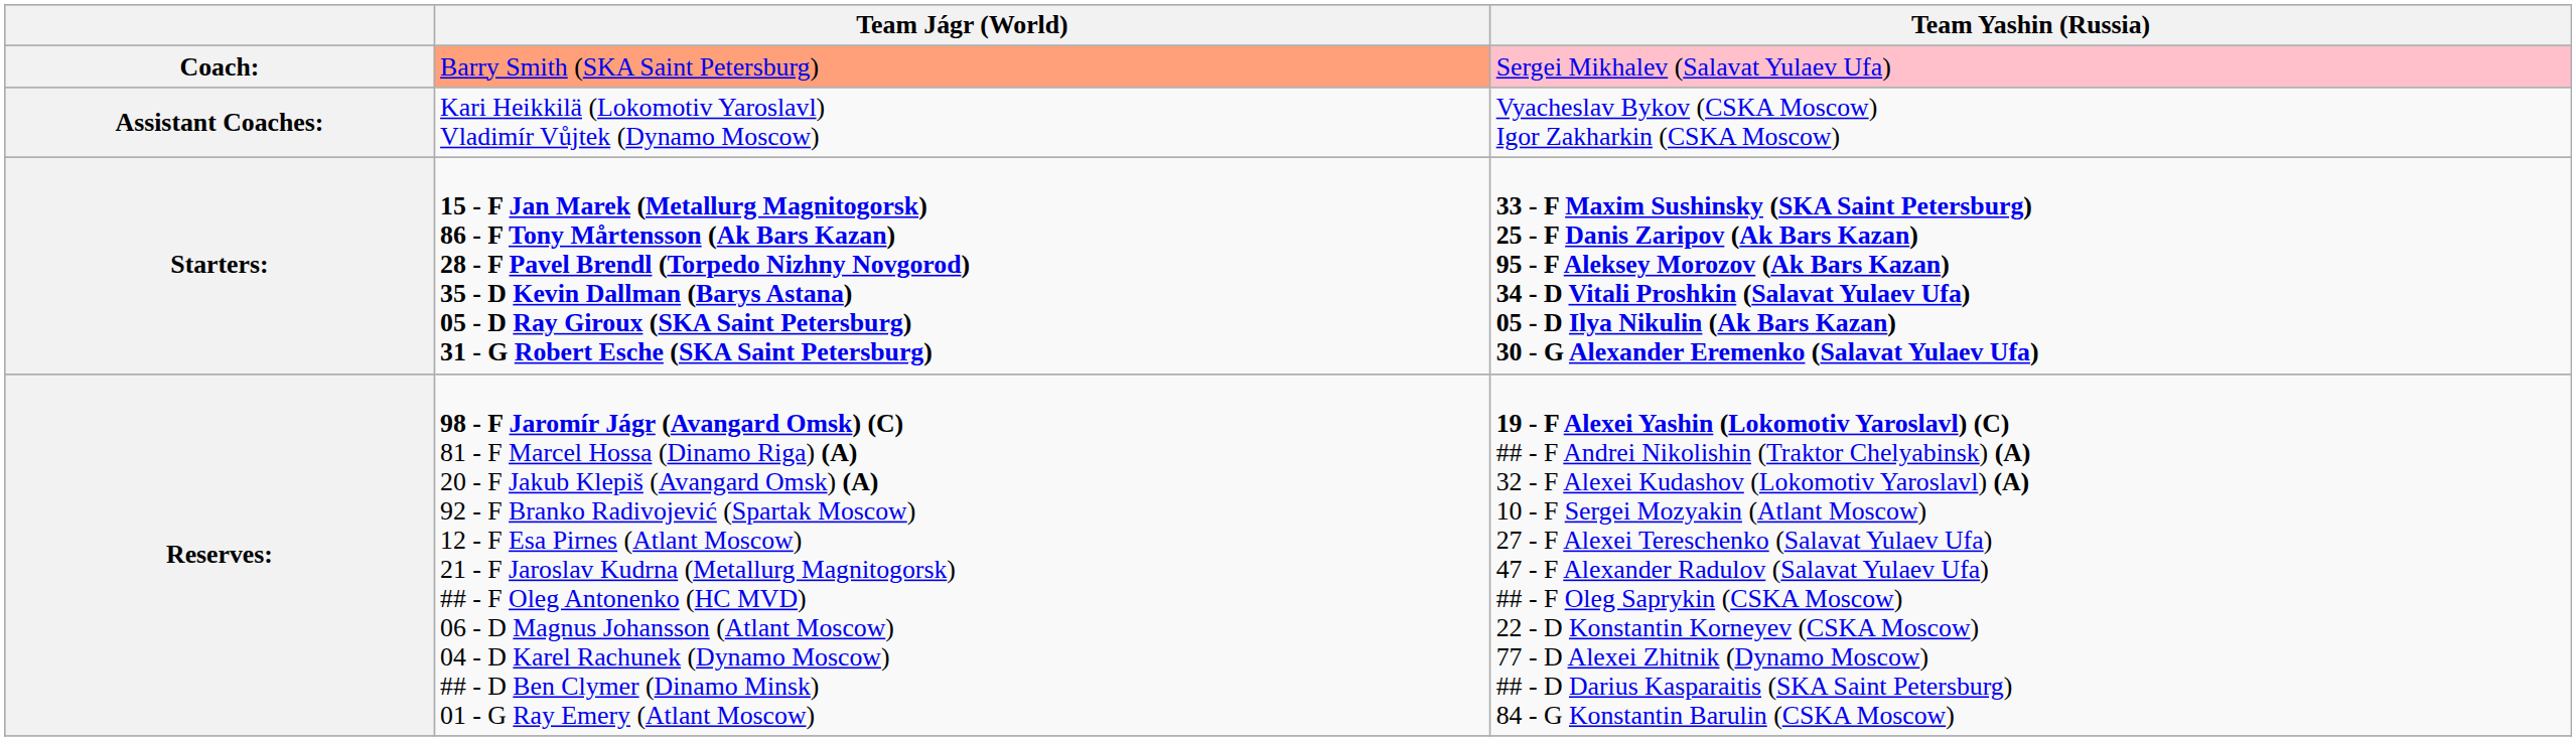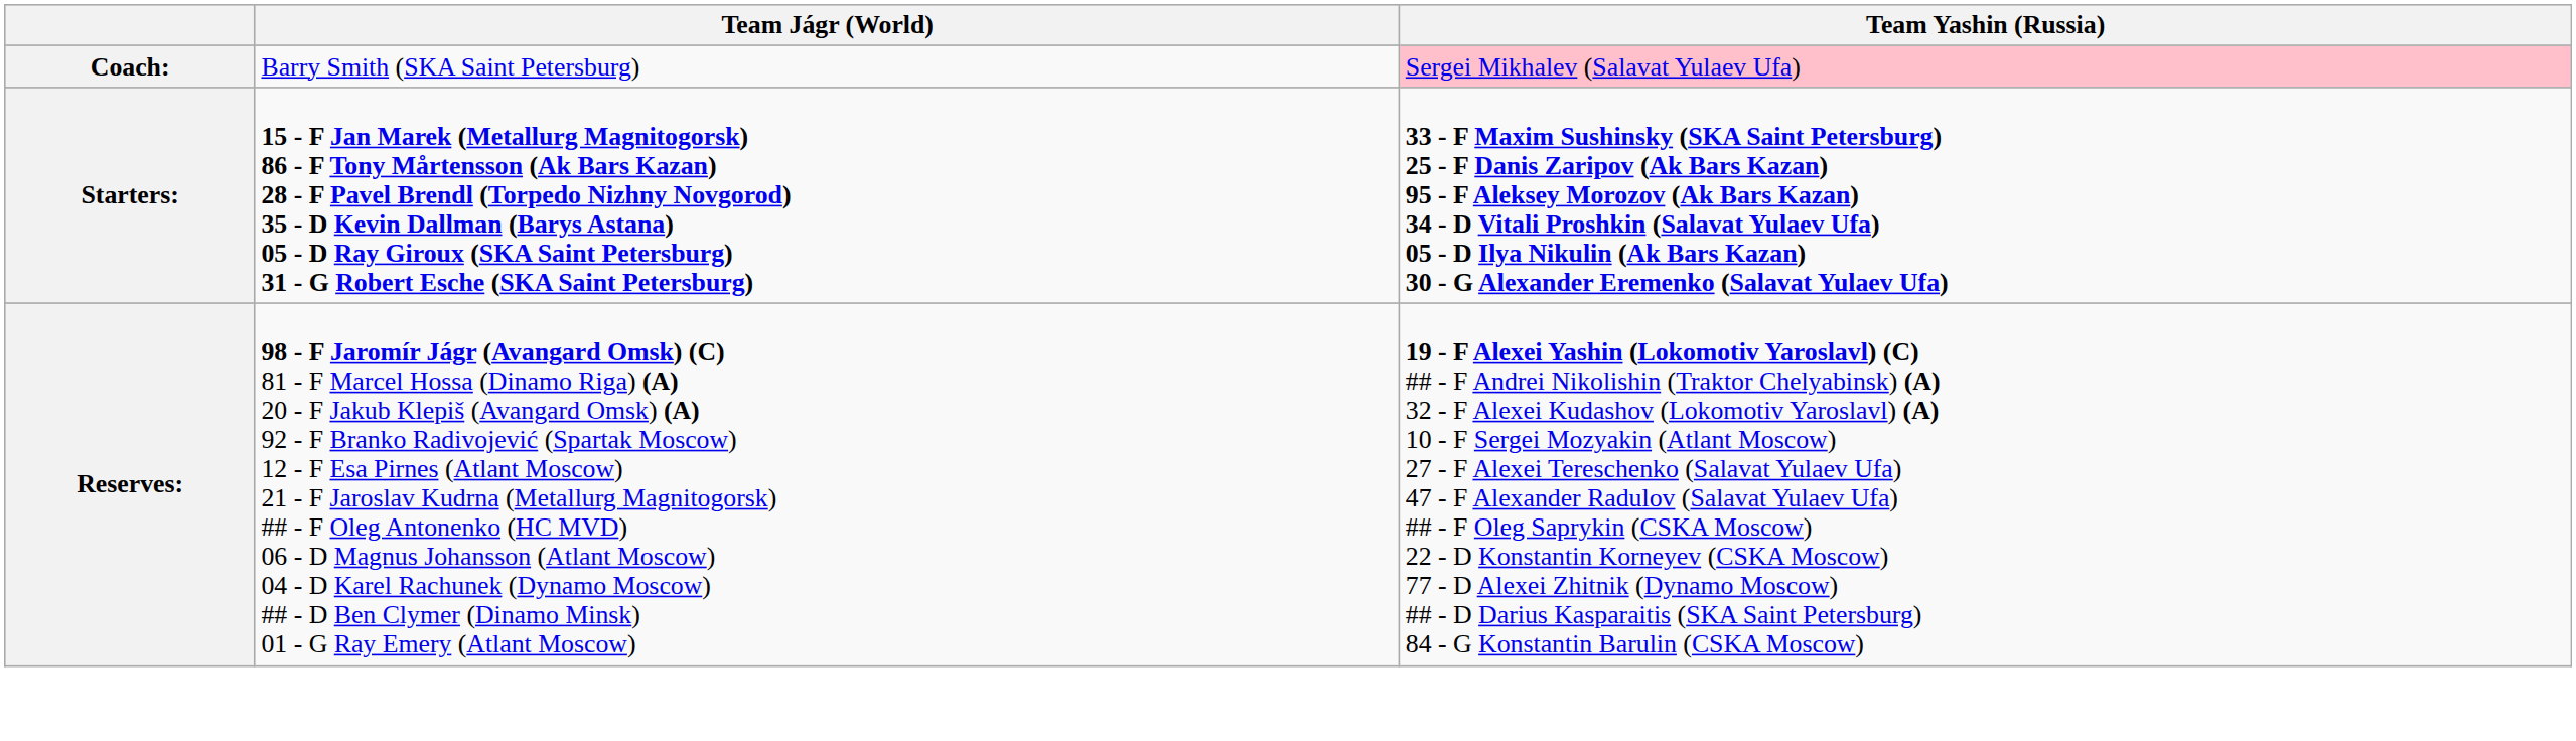 <table class="wikitable" style="width:100%">
 <tr>
 <th></th>
 <th>Team Jágr (World)</th>
 <th>Team Yashin (Russia)</th>
 </tr>
 <tr>
 <th>Coach:</th>
-<td style="background: lightsalmon;"> <a href='#'>Barry Smith</a> (<a href='#'>SKA Saint Petersburg</a>)</td>
+<td> <a href='#'>Barry Smith</a> (<a href='#'>SKA Saint Petersburg</a>)</td>
 <td style="background: pink;"> <a href='#'>Sergei Mikhalev</a> (<a href='#'>Salavat Yulaev Ufa</a>)</td>
-</tr>
-<tr>
-<th>Assistant Coaches:</th>
-<td> <a href='#'>Kari Heikkilä</a> (<a href='#'>Lokomotiv Yaroslavl</a>)<br> <a href='#'>Vladimír Vůjtek</a> (<a href='#'>Dynamo Moscow</a>)</td>
-<td> <a href='#'>Vyacheslav Bykov</a> (<a href='#'>CSKA Moscow</a>)<br> <a href='#'>Igor Zakharkin</a> (<a href='#'>CSKA Moscow</a>)</td>
 </tr>
 <tr>
 <th>Starters:</th>
 <td><br><strong> 15 - F <a href='#'>Jan Marek</a> (<a href='#'>Metallurg Magnitogorsk</a>)</strong><br> <strong> 86 - F <a href='#'>Tony Mårtensson</a> (<a href='#'>Ak Bars Kazan</a>)</strong><br> <strong> 28 - F <a href='#'>Pavel Brendl</a> (<a href='#'>Torpedo Nizhny Novgorod</a>)</strong><br> <strong> 35 - D <a href='#'>Kevin Dallman</a> (<a href='#'>Barys Astana</a>)</strong><br> <strong> 05 - D <a href='#'>Ray Giroux</a> (<a href='#'>SKA Saint Petersburg</a>)</strong><br> <strong> 31 - G <a href='#'>Robert Esche</a> (<a href='#'>SKA Saint Petersburg</a>)</strong></td>
 <td><br><strong> 33 - F <a href='#'>Maxim Sushinsky</a> (<a href='#'>SKA Saint Petersburg</a>)</strong><br> <strong> 25 - F <a href='#'>Danis Zaripov</a> (<a href='#'>Ak Bars Kazan</a>)</strong><br> <strong> 95 - F <a href='#'>Aleksey Morozov</a> (<a href='#'>Ak Bars Kazan</a>)</strong><br> <strong> 34 - D <a href='#'>Vitali Proshkin</a> (<a href='#'>Salavat Yulaev Ufa</a>)</strong><br> <strong> 05 - D <a href='#'>Ilya Nikulin</a> (<a href='#'>Ak Bars Kazan</a>)</strong><br> <strong> 30 - G <a href='#'>Alexander Eremenko</a> (<a href='#'>Salavat Yulaev Ufa</a>)</strong></td>
 </tr>
 <tr>
 <th>Reserves:</th>
 <td><br><strong> 98 - F <a href='#'>Jaromír Jágr</a> (<a href='#'>Avangard Omsk</a>) (C)</strong><br>  81 - F <a href='#'>Marcel Hossa</a> (<a href='#'>Dinamo Riga</a>) <strong>(A)</strong><br>  20 - F <a href='#'>Jakub Klepiš</a> (<a href='#'>Avangard Omsk</a>) <strong>(A)</strong><br>  92 - F <a href='#'>Branko Radivojević</a> (<a href='#'>Spartak Moscow</a>)<br>  12 - F <a href='#'>Esa Pirnes</a> (<a href='#'>Atlant Moscow</a>)<br>  21 - F <a href='#'>Jaroslav Kudrna</a> (<a href='#'>Metallurg Magnitogorsk</a>)<br>  ## - F <a href='#'>Oleg Antonenko</a> (<a href='#'>HC MVD</a>)<br>  06 - D <a href='#'>Magnus Johansson</a> (<a href='#'>Atlant Moscow</a>)<br>  04 - D <a href='#'>Karel Rachunek</a> (<a href='#'>Dynamo Moscow</a>)<br>  ## - D <a href='#'>Ben Clymer</a> (<a href='#'>Dinamo Minsk</a>)<br>  01 - G <a href='#'>Ray Emery</a> (<a href='#'>Atlant Moscow</a>)<br></td>
 <td><br><strong> 19 - F <a href='#'>Alexei Yashin</a> (<a href='#'>Lokomotiv Yaroslavl</a>) (C)</strong><br>  ## - F <a href='#'>Andrei Nikolishin</a> (<a href='#'>Traktor Chelyabinsk</a>) <strong>(A)</strong><br>  32 - F <a href='#'>Alexei Kudashov</a> (<a href='#'>Lokomotiv Yaroslavl</a>) <strong>(A)</strong><br>  10 - F <a href='#'>Sergei Mozyakin</a> (<a href='#'>Atlant Moscow</a>)<br>  27 - F <a href='#'>Alexei Tereschenko</a> (<a href='#'>Salavat Yulaev Ufa</a>)<br>  47 - F <a href='#'>Alexander Radulov</a> (<a href='#'>Salavat Yulaev Ufa</a>)<br>  ## - F <a href='#'>Oleg Saprykin</a> (<a href='#'>CSKA Moscow</a>)<br>  22 - D <a href='#'>Konstantin Korneyev</a> (<a href='#'>CSKA Moscow</a>)<br>  77 - D <a href='#'>Alexei Zhitnik</a> (<a href='#'>Dynamo Moscow</a>)<br>  ## - D <a href='#'>Darius Kasparaitis</a> (<a href='#'>SKA Saint Petersburg</a>)<br>  84 - G <a href='#'>Konstantin Barulin</a> (<a href='#'>CSKA Moscow</a>)<br></td>
 </tr>
 </table>
